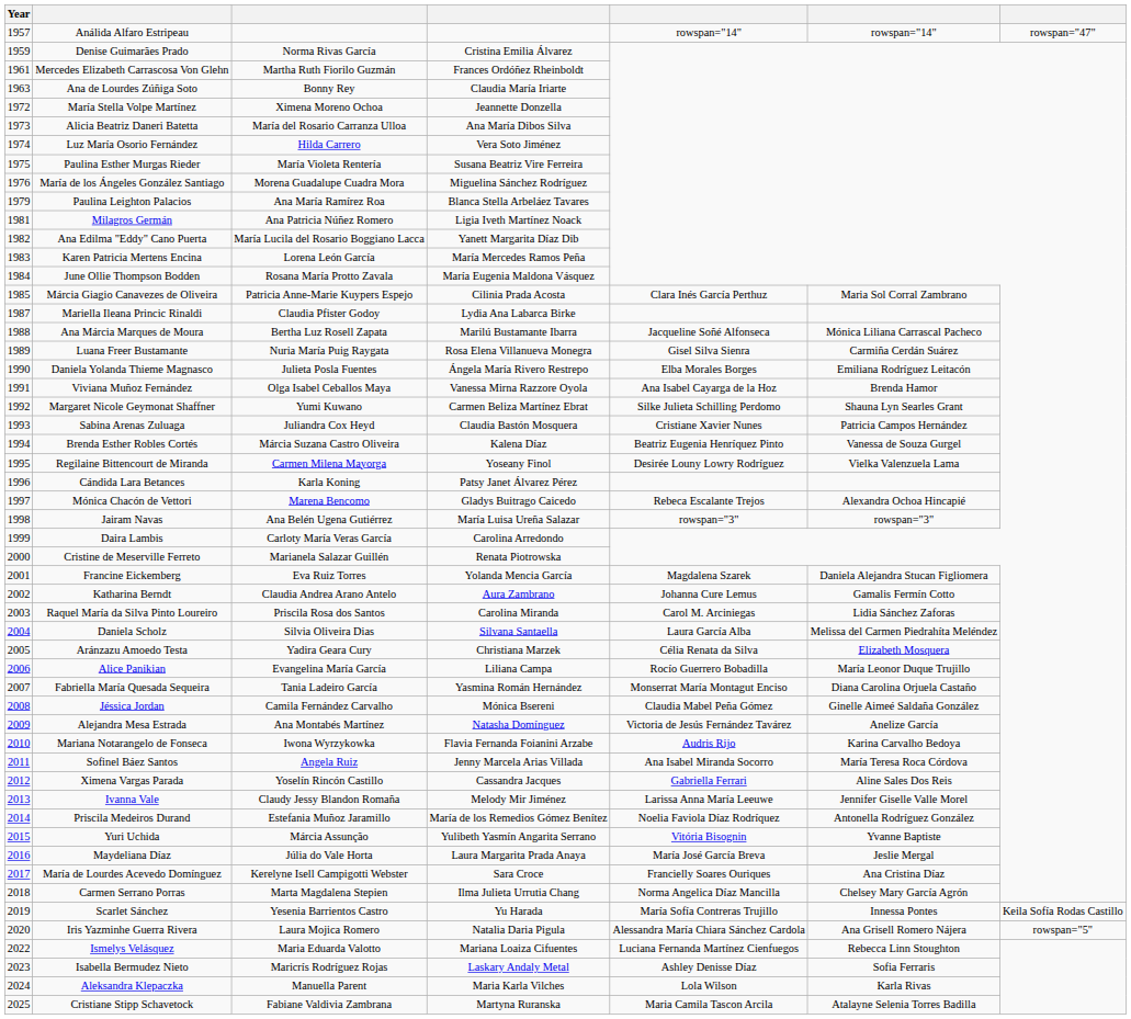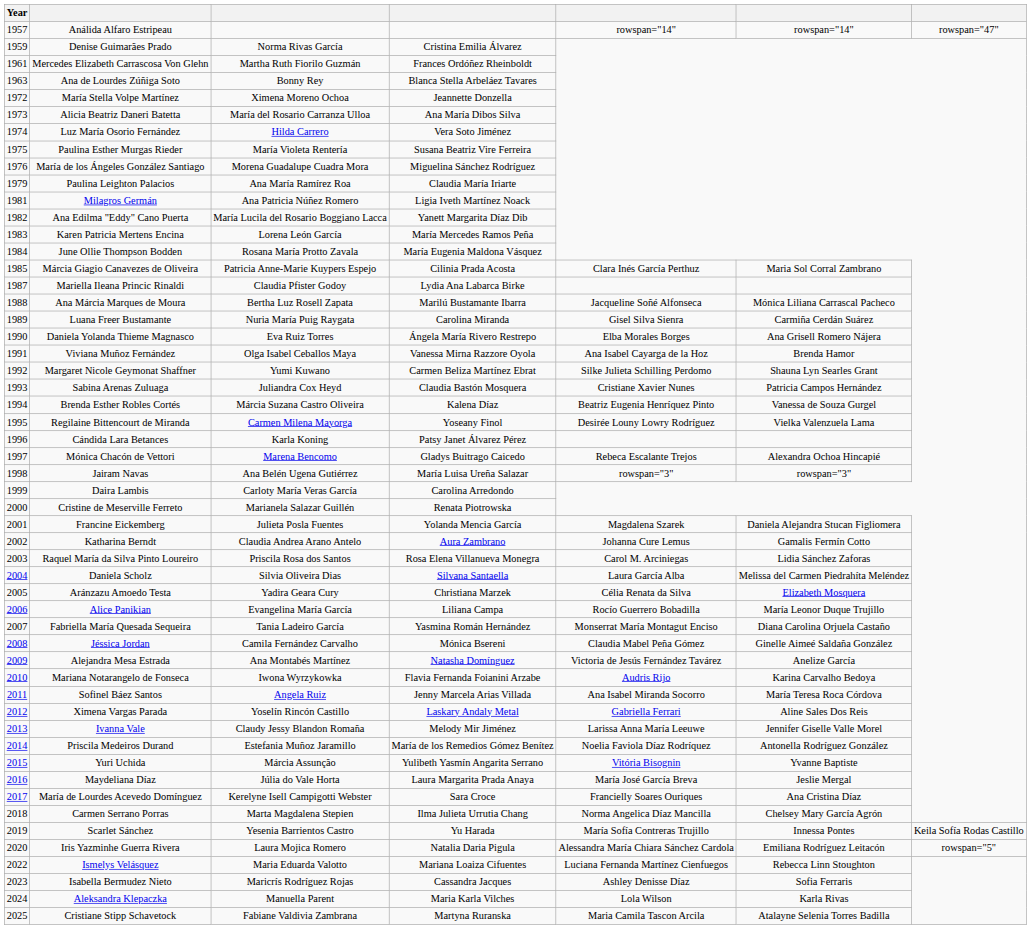 <table class="wikitable" style="font-size: 95%; text-align:center;">
 <tr>
 <th>Year</th>
 <th><br></th>
 <th><br></th>
 <th><br></th>
 <th><br></th>
 <th><br></th>
 <th><br></th>
 </tr>
 <tr>
 <td>1957</td>
 <td>Análida Alfaro Estripeau<br></td>
 <td></td>
 <td></td>
 <td>rowspan="14" </td>
 <td>rowspan="14" </td>
 <td>rowspan="47" </td>
 </tr>
 <tr>
 <td>1959</td>
 <td>Denise Guimarães Prado<br></td>
 <td>Norma Rivas García<br></td>
 <td>Cristina Emilia Álvarez<br></td>
 </tr>
 <tr>
 <td>1961</td>
 <td>Mercedes Elizabeth Carrascosa Von Glehn<br></td>
 <td>Martha Ruth Fiorilo Guzmán<br></td>
 <td>Frances Ordóñez Rheinboldt<br></td>
 </tr>
 <tr>
 <td>1963</td>
 <td>Ana de Lourdes Zúñiga Soto<br></td>
 <td>Bonny Rey<br></td>
-<td>Claudia María Iriarte<br></td>
+<td>Blanca Stella Arbeláez Tavares<br></td>
 </tr>
 <tr>
 <td>1972</td>
 <td>María Stella Volpe Martínez<br></td>
 <td>Ximena Moreno Ochoa<br></td>
 <td>Jeannette Donzella<br></td>
 </tr>
 <tr>
 <td>1973</td>
 <td>Alicia Beatriz Daneri Batetta<br></td>
 <td>María del Rosario Carranza Ulloa<br></td>
 <td>Ana María Dibos Silva<br></td>
 </tr>
 <tr>
 <td>1974</td>
 <td>Luz María Osorio Fernández<br></td>
 <td><a href='#'>Hilda Carrero</a><br></td>
 <td>Vera Soto Jiménez<br></td>
 </tr>
 <tr>
 <td>1975</td>
 <td>Paulina Esther Murgas Rieder<br></td>
 <td>María Violeta Rentería<br></td>
 <td>Susana Beatriz Vire Ferreira<br></td>
 </tr>
 <tr>
 <td>1976</td>
 <td>María de los Ángeles González Santiago<br></td>
 <td>Morena Guadalupe Cuadra Mora<br></td>
 <td>Miguelina Sánchez Rodríguez<br></td>
 </tr>
 <tr>
 <td>1979</td>
 <td>Paulina Leighton Palacios<br></td>
 <td>Ana María Ramírez Roa<br></td>
-<td>Blanca Stella Arbeláez Tavares<br></td>
+<td>Claudia María Iriarte<br></td>
 </tr>
 <tr>
 <td>1981</td>
 <td><a href='#'>Milagros Germán</a><br></td>
 <td>Ana Patricia Núñez Romero<br></td>
 <td>Ligia Iveth Martínez Noack<br></td>
 </tr>
 <tr>
 <td>1982</td>
 <td>Ana Edilma "Eddy" Cano Puerta<br></td>
 <td>María Lucila del Rosario Boggiano Lacca<br></td>
 <td>Yanett Margarita Díaz Dib<br></td>
 </tr>
 <tr>
 <td>1983</td>
 <td>Karen Patricia Mertens Encina<br></td>
 <td>Lorena León García<br></td>
 <td>María Mercedes Ramos Peña<br></td>
 </tr>
 <tr>
 <td>1984</td>
 <td>June Ollie Thompson Bodden<br></td>
 <td>Rosana María Protto Zavala<br></td>
 <td>María Eugenia Maldona Vásquez<br></td>
 </tr>
 <tr>
 <td>1985</td>
 <td>Márcia Giagio Canavezes de Oliveira<br></td>
 <td>Patricia Anne-Marie Kuypers Espejo<br></td>
 <td>Cilinia Prada Acosta<br></td>
 <td>Clara Inés García Perthuz<br></td>
 <td>Maria Sol Corral Zambrano<br></td>
 </tr>
 <tr>
 <td>1987</td>
 <td>Mariella Ileana Princic Rinaldi<br></td>
 <td>Claudia Pfister Godoy<br></td>
 <td>Lydia Ana Labarca Birke<br></td>
 <td></td>
 <td></td>
 </tr>
 <tr>
 <td>1988</td>
 <td>Ana Márcia Marques de Moura<br></td>
 <td>Bertha Luz Rosell Zapata<br></td>
 <td>Marilú Bustamante Ibarra<br></td>
 <td>Jacqueline Soñé Alfonseca<br></td>
 <td>Mónica Liliana Carrascal Pacheco<br></td>
 </tr>
 <tr>
 <td>1989</td>
 <td>Luana Freer Bustamante<br></td>
 <td>Nuria María Puig Raygata<br></td>
-<td>Rosa Elena Villanueva Monegra<br></td>
+<td>Carolina Miranda<br></td>
 <td>Gisel Silva Sienra<br></td>
 <td>Carmiña Cerdán Suárez<br></td>
 </tr>
 <tr>
 <td>1990</td>
 <td>Daniela Yolanda Thieme Magnasco<br></td>
-<td>Julieta Posla Fuentes<br></td>
+<td>Eva Ruiz Torres<br></td>
 <td>Ángela María Rivero Restrepo<br></td>
 <td>Elba Morales Borges<br></td>
-<td>Emiliana Rodríguez Leitacón<br></td>
+<td>Ana Grisell Romero Nájera<br></td>
 </tr>
 <tr>
 <td>1991</td>
 <td>Viviana Muñoz Fernández<br></td>
 <td>Olga Isabel Ceballos Maya<br></td>
 <td>Vanessa Mirna Razzore Oyola<br></td>
 <td>Ana Isabel Cayarga de la Hoz<br></td>
 <td>Brenda Hamor<br></td>
 </tr>
 <tr>
 <td>1992</td>
 <td>Margaret Nicole Geymonat Shaffner<br></td>
 <td>Yumi Kuwano<br></td>
 <td>Carmen Beliza Martínez Ebrat<br></td>
 <td>Silke Julieta Schilling Perdomo<br></td>
 <td>Shauna Lyn Searles Grant<br></td>
 </tr>
 <tr>
 <td>1993</td>
 <td>Sabina Arenas Zuluaga<br></td>
 <td>Juliandra Cox Heyd<br></td>
 <td>Claudia Bastón Mosquera<br></td>
 <td>Cristiane Xavier Nunes<br></td>
 <td>Patricia Campos Hernández<br></td>
 </tr>
 <tr>
 <td>1994</td>
 <td>Brenda Esther Robles Cortés<br></td>
 <td>Márcia Suzana Castro Oliveira<br></td>
 <td>Kalena Díaz<br></td>
 <td>Beatriz Eugenia Henríquez Pinto<br></td>
 <td>Vanessa de Souza Gurgel<br></td>
 </tr>
 <tr>
 <td>1995</td>
 <td>Regilaine Bittencourt de Miranda<br></td>
 <td><a href='#'>Carmen Milena Mayorga</a><br></td>
 <td>Yoseany Finol<br></td>
 <td>Desirée Louny Lowry Rodríguez<br></td>
 <td>Vielka Valenzuela Lama<br></td>
 </tr>
 <tr>
 <td>1996</td>
 <td>Cándida Lara Betances<br></td>
 <td>Karla Koning<br></td>
 <td>Patsy Janet Álvarez Pérez<br></td>
 <td></td>
 <td></td>
 </tr>
 <tr>
 <td>1997</td>
 <td>Mónica Chacón de Vettori<br></td>
 <td><a href='#'>Marena Bencomo</a><br></td>
 <td>Gladys Buitrago Caicedo<br></td>
 <td>Rebeca Escalante Trejos<br></td>
 <td>Alexandra Ochoa Hincapié<br></td>
 </tr>
 <tr>
 <td>1998</td>
 <td>Jairam Navas<br></td>
 <td>Ana Belén Ugena Gutiérrez<br></td>
 <td>María Luisa Ureña Salazar<br></td>
 <td>rowspan="3" </td>
 <td>rowspan="3" </td>
 </tr>
 <tr>
 <td>1999</td>
 <td>Daira Lambis<br></td>
 <td>Carloty María Veras García<br></td>
 <td>Carolina Arredondo<br></td>
 </tr>
 <tr>
 <td>2000</td>
 <td>Cristine de Meserville Ferreto<br></td>
 <td>Marianela Salazar Guillén<br></td>
 <td>Renata Piotrowska<br></td>
 </tr>
 <tr>
 <td>2001</td>
 <td>Francine Eickemberg<br></td>
-<td>Eva Ruiz Torres<br></td>
+<td>Julieta Posla Fuentes<br></td>
 <td>Yolanda Mencia García<br></td>
 <td>Magdalena Szarek<br></td>
 <td>Daniela Alejandra Stucan Figliomera<br></td>
 </tr>
 <tr>
 <td>2002</td>
 <td>Katharina Berndt<br></td>
 <td>Claudia Andrea Arano Antelo<br></td>
 <td><a href='#'>Aura Zambrano</a><br></td>
 <td>Johanna Cure Lemus<br></td>
 <td>Gamalis Fermín Cotto<br></td>
 </tr>
 <tr>
 <td>2003</td>
 <td>Raquel María da Silva Pinto Loureiro<br></td>
 <td>Priscila Rosa dos Santos<br></td>
-<td>Carolina Miranda<br></td>
+<td>Rosa Elena Villanueva Monegra<br></td>
 <td>Carol M. Arciniegas<br></td>
 <td>Lidia Sánchez Zaforas<br></td>
 </tr>
 <tr>
 <td><a href='#'>2004</a></td>
 <td>Daniela Scholz<br></td>
 <td>Silvia Oliveira Dias<br></td>
 <td><a href='#'>Silvana Santaella</a><br></td>
 <td>Laura García Alba<br></td>
 <td>Melissa del Carmen Piedrahíta Meléndez<br></td>
 </tr>
 <tr>
 <td>2005</td>
 <td>Aránzazu Amoedo Testa<br></td>
 <td>Yadira Geara Cury<br></td>
 <td>Christiana Marzek<br></td>
 <td>Célia Renata da Silva<br></td>
 <td><a href='#'>Elizabeth Mosquera</a><br></td>
 </tr>
 <tr>
 <td><a href='#'>2006</a></td>
 <td><a href='#'>Alice Panikian</a><br></td>
 <td>Evangelina María García<br></td>
 <td>Liliana Campa<br></td>
 <td>Rocío Guerrero Bobadilla<br></td>
 <td>María Leonor Duque Trujillo<br></td>
 </tr>
 <tr>
 <td>2007</td>
 <td>Fabriella María Quesada Sequeira<br></td>
 <td>Tania Ladeiro García<br></td>
 <td>Yasmina Román Hernández<br></td>
 <td>Monserrat María Montagut Enciso<br></td>
 <td>Diana Carolina Orjuela Castaño<br></td>
 </tr>
 <tr>
 <td><a href='#'>2008</a></td>
 <td><a href='#'>Jéssica Jordan</a><br></td>
 <td>Camila Fernández Carvalho<br></td>
 <td>Mónica Bsereni<br></td>
 <td>Claudia Mabel Peña Gómez<br></td>
 <td>Ginelle Aimeé Saldaña González<br></td>
 </tr>
 <tr>
 <td><a href='#'>2009</a></td>
 <td>Alejandra Mesa Estrada<br></td>
 <td>Ana Montabés Martínez<br></td>
 <td><a href='#'>Natasha Domínguez</a><br></td>
 <td>Victoria de Jesús Fernández Tavárez<br></td>
 <td>Anelize García<br></td>
 </tr>
 <tr>
 <td><a href='#'>2010</a></td>
 <td>Mariana Notarangelo de Fonseca<br></td>
 <td>Iwona Wyrzykowka<br></td>
 <td>Flavia Fernanda Foianini Arzabe<br></td>
 <td><a href='#'>Audris Rijo</a><br></td>
 <td>Karina Carvalho Bedoya<br></td>
 </tr>
 <tr>
 <td><a href='#'>2011</a></td>
 <td>Sofinel Báez Santos<br></td>
 <td><a href='#'>Angela Ruiz</a><br></td>
 <td>Jenny Marcela Arias Villada<br></td>
 <td>Ana Isabel Miranda Socorro<br></td>
 <td>María Teresa Roca Córdova<br></td>
 </tr>
 <tr>
 <td><a href='#'>2012</a></td>
 <td>Ximena Vargas Parada<br></td>
 <td>Yoselín Rincón Castillo<br></td>
-<td>Cassandra Jacques <br> </td>
+<td><a href='#'>Laskary Andaly Metal</a><br></td>
 <td><a href='#'>Gabriella Ferrari</a><br></td>
 <td>Aline Sales Dos Reis<br></td>
 </tr>
 <tr>
 <td><a href='#'>2013</a></td>
 <td><a href='#'>Ivanna Vale</a><br></td>
 <td>Claudy Jessy Blandon Romaña<br></td>
 <td>Melody Mir Jiménez<br></td>
 <td>Larissa Anna María Leeuwe<br></td>
 <td>Jennifer Giselle Valle Morel<br></td>
 </tr>
 <tr>
 <td><a href='#'>2014</a></td>
 <td>Priscila Medeiros Durand<br></td>
 <td>Estefania Muñoz Jaramillo<br></td>
 <td>María de los Remedios Gómez Benítez<br></td>
 <td>Noelia Faviola Díaz Rodríquez<br></td>
 <td>Antonella Rodríguez González<br></td>
 </tr>
 <tr>
 <td><a href='#'>2015</a></td>
 <td>Yuri Uchida<br></td>
 <td>Márcia Assunção<br></td>
 <td>Yulibeth Yasmín Angarita Serrano<br></td>
 <td><a href='#'>Vitória Bisognin</a><br></td>
 <td>Yvanne Baptiste<br></td>
 </tr>
 <tr>
 <td><a href='#'>2016</a></td>
 <td>Maydeliana Díaz<br></td>
 <td>Júlia do Vale Horta<br></td>
 <td>Laura Margarita Prada Anaya<br></td>
 <td>María José García Breva<br></td>
 <td>Jeslie Mergal<br></td>
 </tr>
 <tr>
 <td><a href='#'>2017</a></td>
 <td>María de Lourdes Acevedo Domínguez<br></td>
 <td>Kerelyne Isell Campigotti Webster<br></td>
 <td>Sara Croce<br></td>
 <td>Francielly Soares Ouriques<br></td>
 <td>Ana Cristina Díaz<br></td>
 </tr>
 <tr>
 <td>2018</td>
 <td>Carmen Serrano Porras<br></td>
 <td>Marta Magdalena Stepien<br></td>
 <td>Ilma Julieta Urrutia Chang<br></td>
 <td>Norma Angelica Díaz Mancilla<br></td>
 <td>Chelsey Mary García Agrón<br></td>
 </tr>
 <tr>
 <td>2019</td>
 <td>Scarlet Sánchez<br></td>
 <td>Yesenia Barrientos Castro<br></td>
 <td>Yu Harada<br></td>
 <td>María Sofía Contreras Trujillo<br></td>
 <td>Innessa Pontes<br></td>
 <td>Keila Sofía Rodas Castillo<br></td>
 </tr>
 <tr>
 <td>2020</td>
 <td>Iris Yazminhe Guerra Rivera<br></td>
 <td>Laura Mojica Romero<br></td>
 <td>Natalia Daria Pigula<br></td>
 <td>Alessandra María Chiara Sánchez Cardola<br></td>
-<td>Ana Grisell Romero Nájera<br></td>
+<td>Emiliana Rodríguez Leitacón<br></td>
 <td>rowspan="5" </td>
 </tr>
 <tr>
 <td>2022</td>
 <td><a href='#'>Ismelys Velásquez</a> <br></td>
 <td>Maria Eduarda Valotto<br></td>
 <td>Mariana Loaiza Cifuentes<br></td>
 <td>Luciana Fernanda Martínez Cienfuegos<br></td>
 <td>Rebecca Linn Stoughton<br></td>
 </tr>
 <tr>
 <td>2023</td>
 <td>Isabella Bermudez Nieto <br> </td>
 <td>Maricrís Rodríguez Rojas <br> </td>
-<td><a href='#'>Laskary Andaly Metal</a><br></td>
+<td>Cassandra Jacques <br> </td>
 <td>Ashley Denisse Díaz <br> </td>
 <td>Sofia Ferraris <br> </td>
 </tr>
 <tr>
 <td>2024</td>
 <td><a href='#'>Aleksandra Klepaczka</a> <br> </td>
 <td>Manuella Parent <br> </td>
 <td>Maria Karla Vilches <br> </td>
 <td>Lola Wilson <br> </td>
 <td>Karla Rivas <br> </td>
 </tr>
 <tr>
 <td>2025</td>
 <td>Cristiane Stipp Schavetock <br> </td>
 <td>Fabiane Valdivia Zambrana <br> </td>
 <td>Martyna Ruranska <br> </td>
 <td>Maria Camila Tascon Arcila <br> </td>
 <td>Atalayne Selenia Torres Badilla <br> </td>
 </tr>
 </table>
